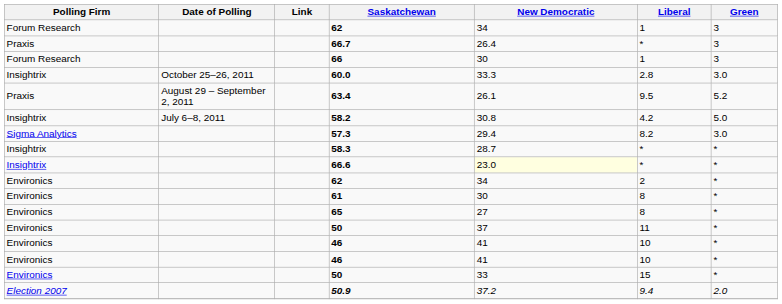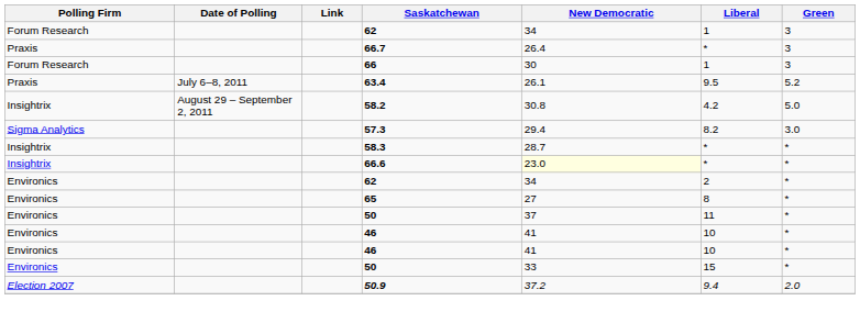 <table class="wikitable sortable">
 <tr style="background:#e9e9e9;">
 <th width=20%>Polling Firm</th>
 <th width=15%>Date of Polling</th>
 <th width=7% class=unsortable>Link</th>
 <th style="background-color:"><a href='#'>Saskatchewan</a></th>
 <th style="background-color:"><a href='#'>New Democratic</a></th>
 <th style="background-color:"><a href='#'>Liberal</a></th>
 <th style="background-color:"><a href='#'>Green</a></th>
 </tr>
 <tr>
 <td>Forum Research</td>
 <td></td>
 <td> </td>
 <td><strong>62</strong></td>
 <td>34</td>
 <td>1</td>
 <td>3</td>
 </tr>
 <tr>
 <td>Praxis</td>
 <td></td>
 <td> </td>
 <td><strong>66.7</strong></td>
 <td>26.4</td>
 <td>*</td>
 <td>3</td>
 </tr>
 <tr>
 <td>Forum Research</td>
 <td></td>
 <td></td>
 <td><strong>66</strong></td>
 <td>30</td>
 <td>1</td>
 <td>3</td>
 </tr>
 <tr>
-<td>Insightrix</td>
-<td>October 25–26, 2011</td>
-<td></td>
-<td><strong>60.0</strong></td>
-<td>33.3</td>
-<td>2.8</td>
-<td>3.0</td>
-</tr>
-<tr>
 <td>Praxis</td>
-<td>August 29 – September 2, 2011</td>
+<td>July 6–8, 2011</td>
 <td></td>
 <td><strong>63.4</strong></td>
 <td>26.1</td>
 <td>9.5</td>
 <td>5.2</td>
 </tr>
 <tr>
 <td>Insightrix</td>
-<td>July 6–8, 2011</td>
+<td>August 29 – September 2, 2011</td>
 <td></td>
 <td><strong>58.2</strong></td>
 <td>30.8</td>
 <td>4.2</td>
 <td>5.0</td>
 </tr>
 <tr>
 <td><a href='#'>Sigma Analytics</a></td>
 <td></td>
 <td></td>
 <td><strong>57.3</strong></td>
 <td>29.4</td>
 <td>8.2</td>
 <td>3.0</td>
 </tr>
 <tr>
 <td>Insightrix</td>
 <td></td>
 <td></td>
 <td><strong>58.3</strong></td>
 <td>28.7</td>
 <td>*</td>
 <td>*</td>
 </tr>
 <tr>
 <td><a href='#'>Insightrix</a></td>
 <td></td>
 <td></td>
 <td><strong>66.6</strong></td>
 <td style="background: lightyellow;">23.0</td>
 <td>*</td>
 <td>*</td>
 </tr>
 <tr>
 <td>Environics</td>
 <td></td>
 <td></td>
 <td><strong>62</strong></td>
 <td>34</td>
 <td>2</td>
-<td>*</td>
-</tr>
-<tr>
-<td>Environics</td>
-<td></td>
-<td></td>
-<td><strong>61</strong></td>
-<td>30</td>
-<td>8</td>
 <td>*</td>
 </tr>
 <tr>
 <td>Environics</td>
 <td></td>
 <td></td>
 <td><strong>65</strong></td>
 <td>27</td>
 <td>8</td>
 <td>*</td>
 </tr>
 <tr>
 <td>Environics</td>
 <td></td>
 <td></td>
 <td><strong>50</strong></td>
 <td>37</td>
 <td>11</td>
 <td>*</td>
 </tr>
 <tr>
 <td>Environics</td>
 <td></td>
 <td></td>
 <td><strong>46</strong></td>
 <td>41</td>
 <td>10</td>
 <td>*</td>
 </tr>
 <tr>
 <td>Environics</td>
 <td></td>
 <td></td>
 <td><strong>46</strong></td>
 <td>41</td>
 <td>10</td>
 <td>*</td>
 </tr>
 <tr>
 <td><a href='#'>Environics</a></td>
 <td></td>
 <td></td>
 <td><strong>50</strong></td>
 <td>33</td>
 <td>15</td>
 <td>*</td>
 </tr>
 <tr>
 <td><em><a href='#'>Election 2007</a></em></td>
 <td><em></em></td>
 <td><em></em></td>
 <td><strong><em>50.9</em></strong></td>
 <td><em>37.2</em></td>
 <td><em>9.4</em></td>
 <td><em>2.0</em></td>
 </tr>
 <tr>
 </tr>
 </table>
